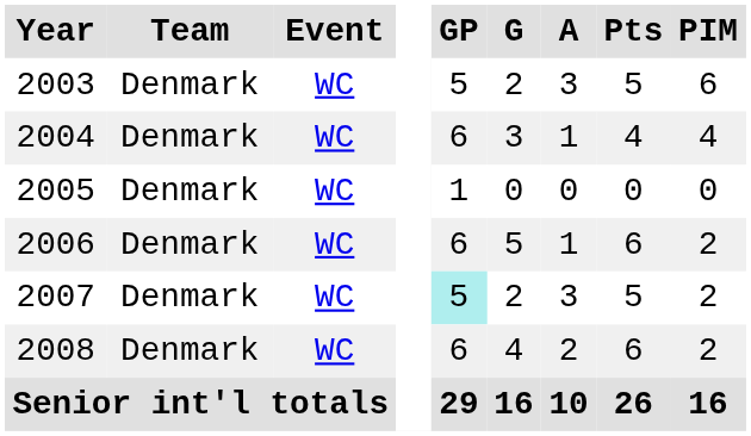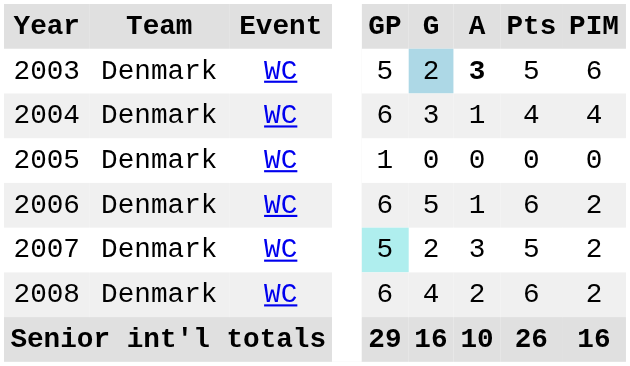 <table BORDER="0" CELLPADDING="3" CELLSPACING="0">
 <tr ALIGN="center" bgcolor="#e0e0e0">
 <th>Year</th>
 <th>Team</th>
 <th>Event</th>
 <th rowspan="99" bgcolor="#ffffff"> </th>
 <th>GP</th>
 <th>G</th>
 <th>A</th>
 <th>Pts</th>
 <th>PIM</th>
 </tr>
 <tr ALIGN="center">
 <td>2003</td>
 <td>Denmark</td>
 <td><a href='#'>WC</a></td>
 <td>5</td>
-<td>2</td>
-<td>3</td>
+<td style="background: lightblue;">2</td>
+<td><strong>3</strong></td>
 <td>5</td>
 <td>6</td>
 </tr>
 <tr ALIGN="center" bgcolor="#f0f0f0">
 <td>2004</td>
 <td>Denmark</td>
 <td><a href='#'>WC</a></td>
 <td>6</td>
 <td>3</td>
 <td>1</td>
 <td>4</td>
 <td>4</td>
 </tr>
 <tr ALIGN="center">
 <td>2005</td>
 <td>Denmark</td>
 <td><a href='#'>WC</a></td>
 <td>1</td>
 <td>0</td>
 <td>0</td>
 <td>0</td>
 <td>0</td>
 </tr>
 <tr ALIGN="center" bgcolor="#f0f0f0">
 <td>2006</td>
 <td>Denmark</td>
 <td><a href='#'>WC</a></td>
 <td>6</td>
 <td>5</td>
 <td>1</td>
 <td>6</td>
 <td>2</td>
 </tr>
 <tr ALIGN="center">
 <td>2007</td>
 <td>Denmark</td>
 <td><a href='#'>WC</a></td>
 <td style="background: paleturquoise;">5</td>
 <td>2</td>
 <td>3</td>
 <td>5</td>
 <td>2</td>
 </tr>
 <tr ALIGN="center" bgcolor="#f0f0f0">
 <td>2008</td>
 <td>Denmark</td>
 <td><a href='#'>WC</a></td>
 <td>6</td>
 <td>4</td>
 <td>2</td>
 <td>6</td>
 <td>2</td>
 </tr>
 <tr ALIGN="center" bgcolor="#e0e0e0">
 <td align="center" colspan=3><strong>Senior int'l totals</strong></td>
 <th>29</th>
 <th>16</th>
 <th>10</th>
 <th>26</th>
 <th>16</th>
 </tr>
 </table>
